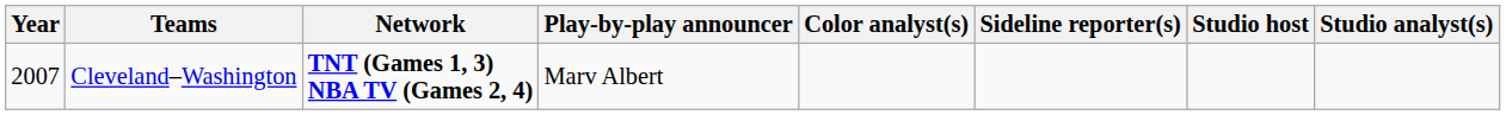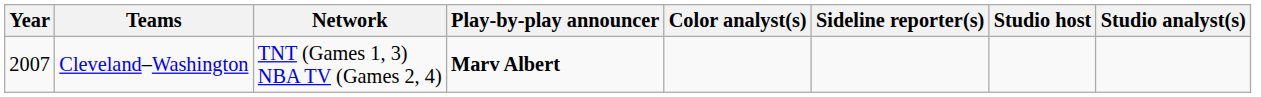 <table class="wikitable">
 <tr>
 <th>Year</th>
 <th>Teams</th>
 <th>Network</th>
 <th>Play-by-play announcer</th>
 <th>Color analyst(s)</th>
 <th>Sideline reporter(s)</th>
 <th>Studio host</th>
 <th>Studio analyst(s)</th>
 </tr>
 <tr>
 <td rowspan=2>2007</td>
 <td rowspan=2><a href='#'>Cleveland</a>–<a href='#'>Washington</a></td>
-<td><strong><a href='#'>TNT</a> (Games 1, 3)<br><a href='#'>NBA TV</a> (Games 2, 4)</strong></td>
-<td>Marv Albert</td>
+<td><a href='#'>TNT</a> (Games 1, 3)<br><a href='#'>NBA TV</a> (Games 2, 4)</td>
+<td><strong>Marv Albert</strong></td>
 <td></td>
 <td></td>
 <td></td>
 <td></td>
 </tr>
 </table>
